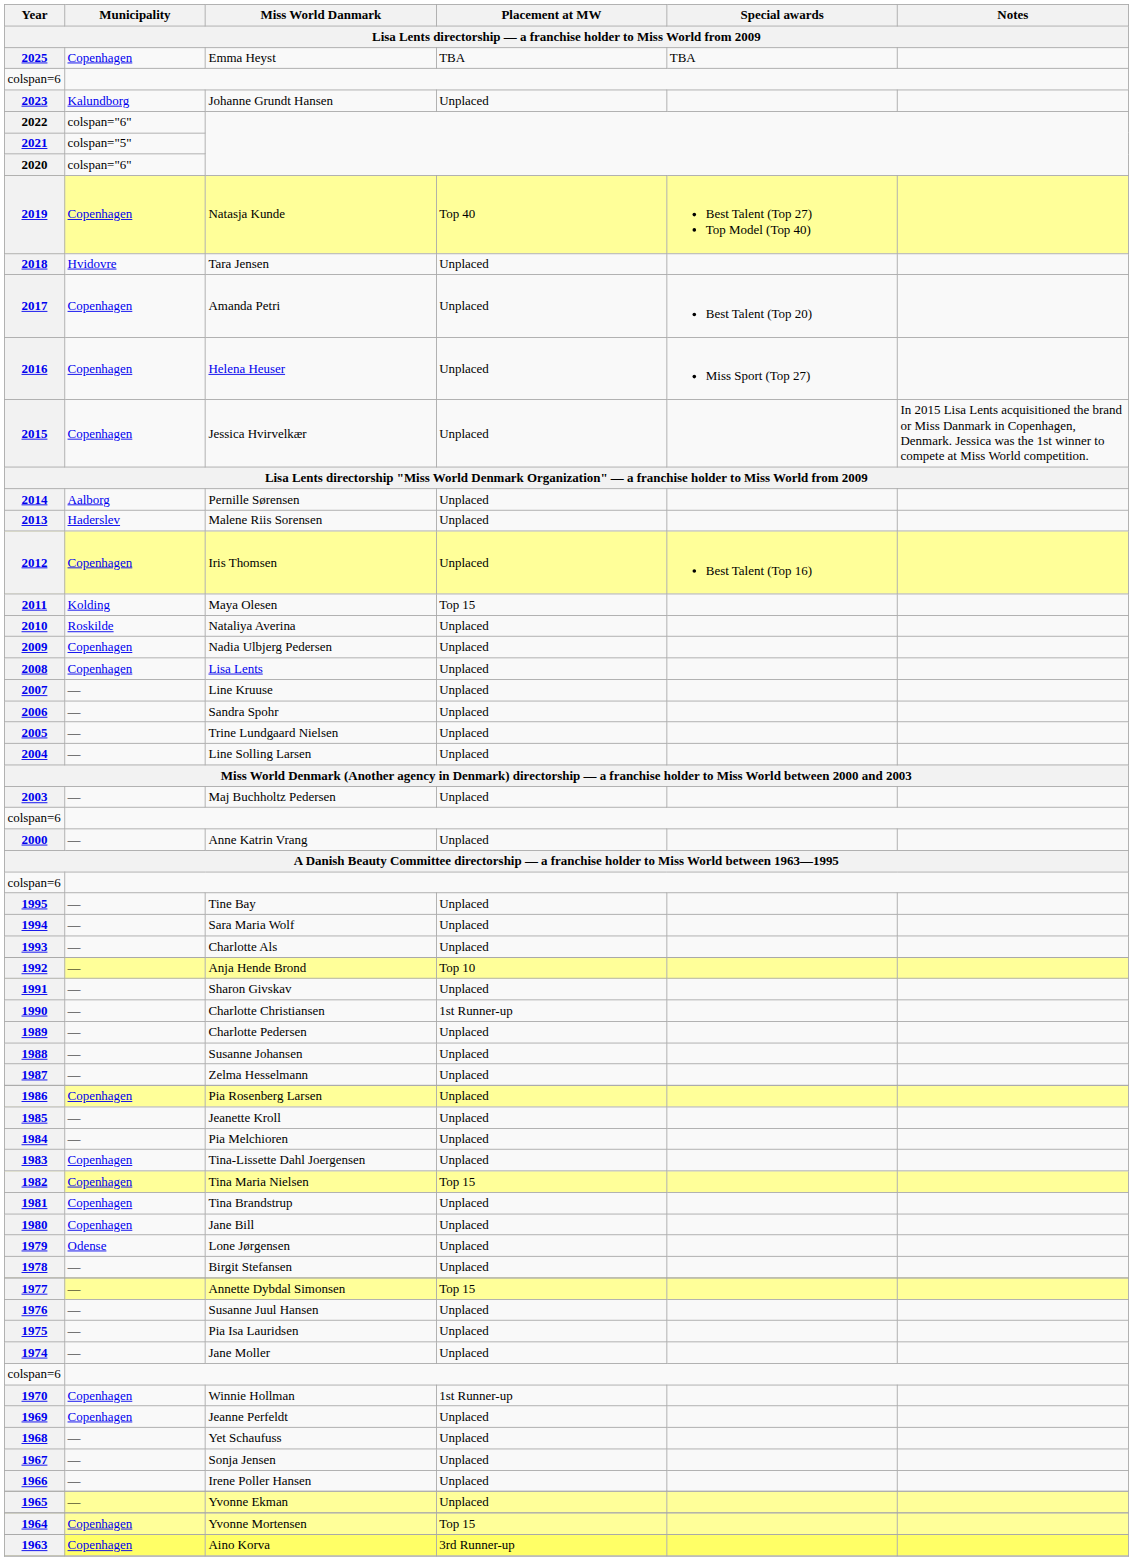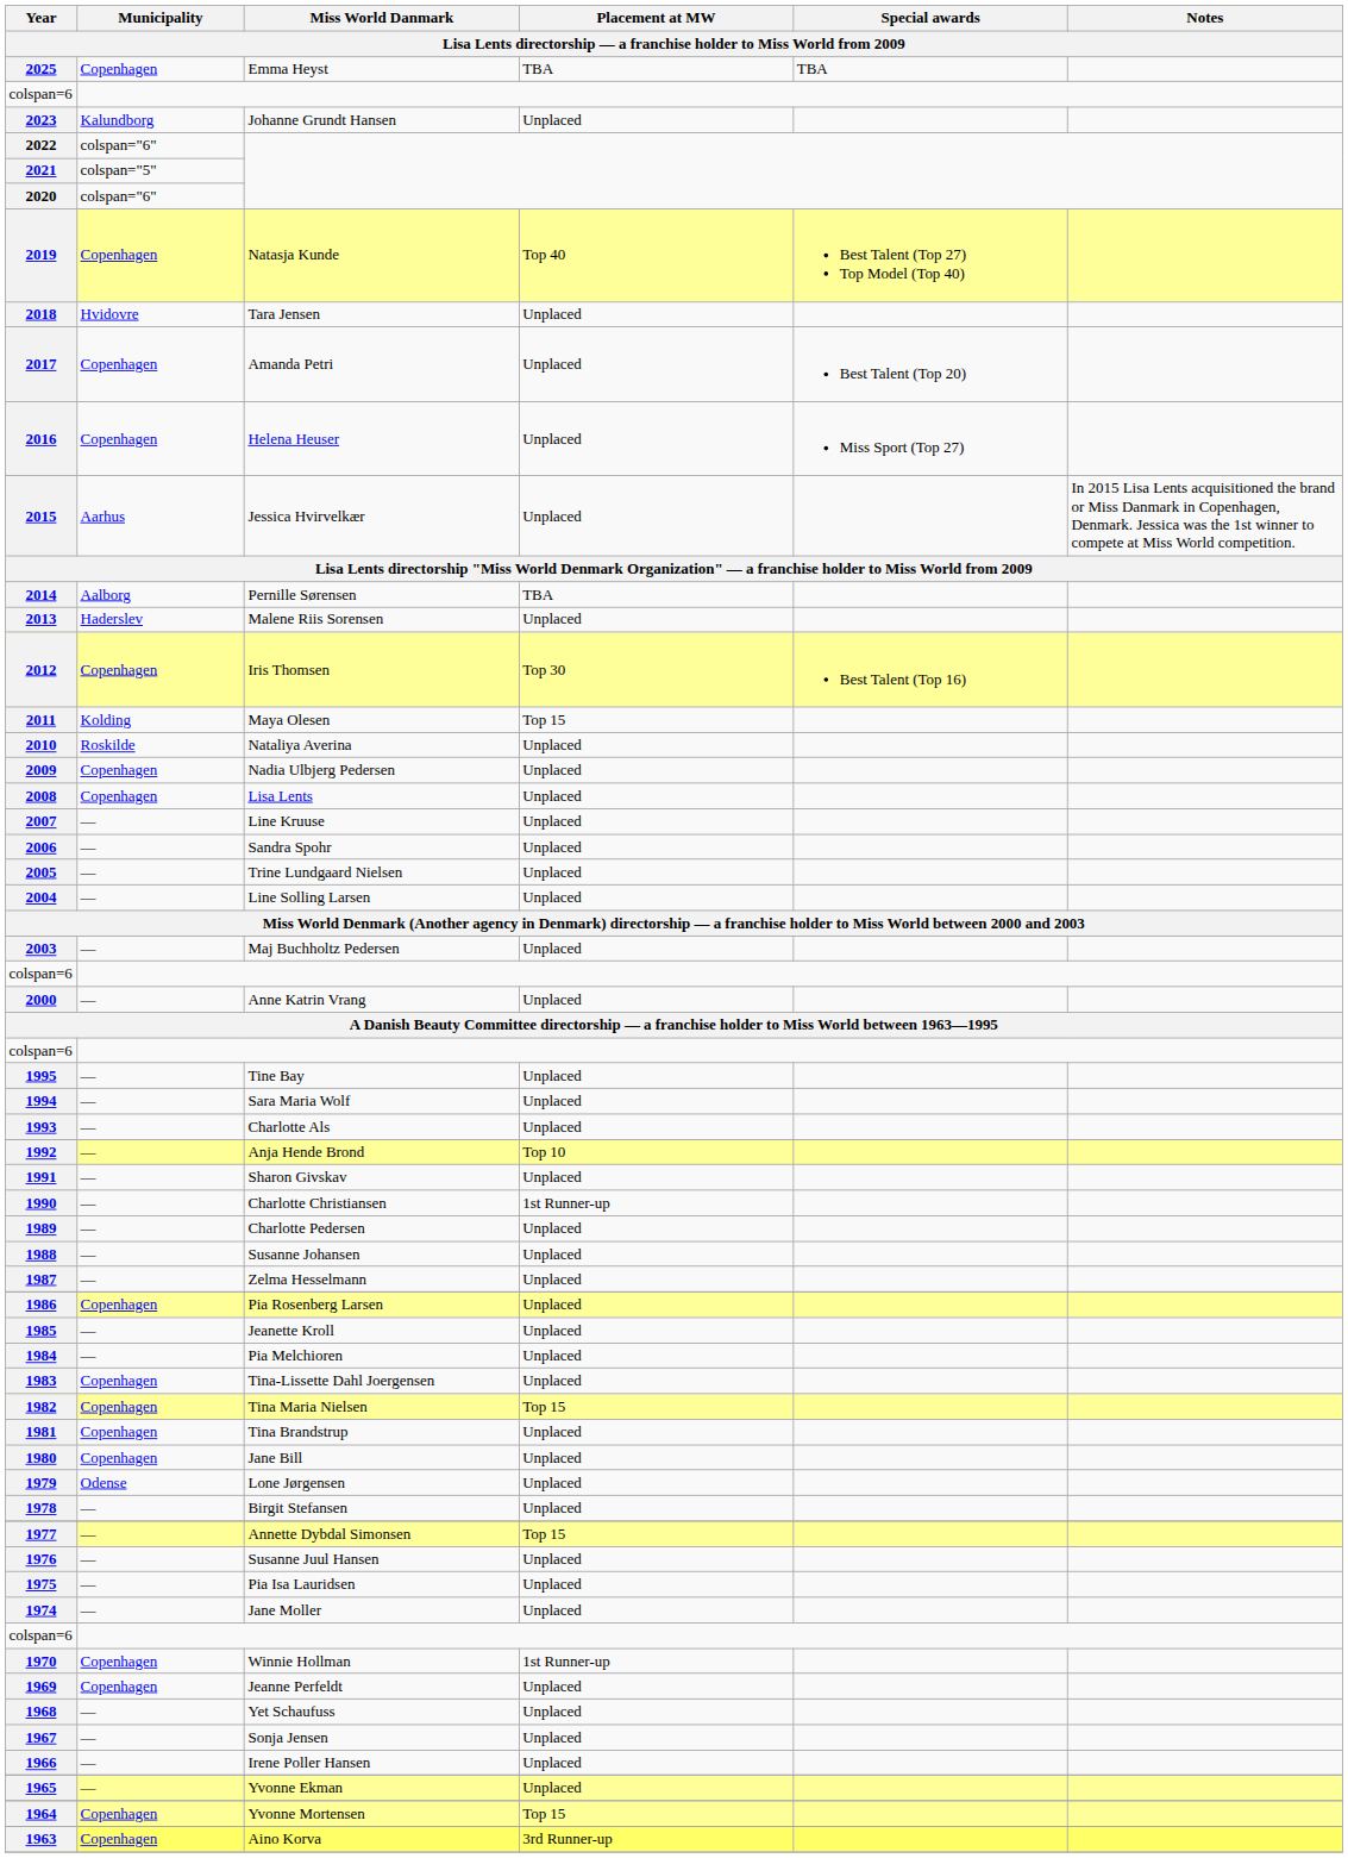 <table class="wikitable " style="font-size: 90%;">
 <tr>
 <th width="60">Year</th>
 <th width="150">Municipality</th>
 <th width="250">Miss World Danmark</th>
 <th width="250">Placement at MW</th>
 <th width="250">Special awards</th>
 <th width="250">Notes</th>
 </tr>
 <tr>
 <th colspan="6">Lisa Lents directorship — a franchise holder to Miss World from 2009</th>
 </tr>
 <tr>
 <th><a href='#'>2025</a></th>
 <td><a href='#'>Copenhagen</a></td>
 <td>Emma Heyst</td>
 <td>TBA</td>
 <td>TBA</td>
 <td></td>
 </tr>
 <tr>
 <td>colspan=6 </td>
 </tr>
 <tr>
 <th><a href='#'>2023</a></th>
 <td><a href='#'>Kalundborg</a></td>
 <td>Johanne Grundt Hansen</td>
 <td>Unplaced</td>
 <td></td>
 <td></td>
 </tr>
 <tr>
 <th>2022</th>
 <td>colspan="6" </td>
 </tr>
 <tr>
 <th><a href='#'>2021</a></th>
 <td>colspan="5" </td>
 </tr>
 <tr>
 <th>2020</th>
 <td>colspan="6" </td>
 </tr>
 <tr style="background-color:#FFFF99;">
 <th><a href='#'>2019</a></th>
 <td><a href='#'>Copenhagen</a></td>
 <td>Natasja Kunde</td>
 <td>Top 40</td>
 <td align="left"><br><ul><li>Best Talent (Top 27)</li><li>Top Model (Top 40)</li></ul></td>
 <td></td>
 </tr>
 <tr>
 <th><a href='#'>2018</a></th>
 <td><a href='#'>Hvidovre</a></td>
 <td>Tara Jensen</td>
 <td>Unplaced</td>
 <td></td>
 <td></td>
 </tr>
 <tr>
 <th><a href='#'>2017</a></th>
 <td><a href='#'>Copenhagen</a></td>
 <td>Amanda Petri</td>
 <td>Unplaced</td>
 <td align="left"><br><ul><li>Best Talent (Top 20)</li></ul></td>
 <td></td>
 </tr>
 <tr>
 <th><a href='#'>2016</a></th>
 <td><a href='#'>Copenhagen</a></td>
 <td><a href='#'>Helena Heuser</a></td>
 <td>Unplaced</td>
 <td align="left"><br><ul><li>Miss Sport (Top 27)</li></ul></td>
 <td></td>
 </tr>
 <tr>
 <th><a href='#'>2015</a></th>
-<td><a href='#'>Copenhagen</a></td>
+<td><a href='#'>Aarhus</a></td>
 <td>Jessica Hvirvelkær</td>
 <td>Unplaced</td>
 <td></td>
 <td>In 2015 Lisa Lents acquisitioned the brand or Miss Danmark in Copenhagen, Denmark. Jessica was the 1st winner to compete at Miss World competition.</td>
 </tr>
 <tr>
 <th colspan="6">Lisa Lents directorship "Miss World Denmark Organization" — a franchise holder to Miss World from 2009</th>
 </tr>
 <tr>
 <th><a href='#'>2014</a></th>
 <td><a href='#'>Aalborg</a></td>
 <td>Pernille Sørensen</td>
-<td>Unplaced</td>
+<td>TBA</td>
 <td></td>
 <td></td>
 </tr>
 <tr>
 <th><a href='#'>2013</a></th>
 <td><a href='#'>Haderslev</a></td>
 <td>Malene Riis Sorensen</td>
 <td>Unplaced</td>
 <td></td>
 <td></td>
 </tr>
 <tr style="background-color:#FFFF99;">
 <th><a href='#'>2012</a></th>
 <td><a href='#'>Copenhagen</a></td>
 <td>Iris Thomsen</td>
-<td>Unplaced</td>
+<td>Top 30</td>
 <td align="left"><br><ul><li>Best Talent (Top 16)</li></ul></td>
 <td></td>
 </tr>
 <tr>
 <th><a href='#'>2011</a></th>
 <td><a href='#'>Kolding</a></td>
 <td>Maya Olesen</td>
 <td>Top 15</td>
 <td></td>
 <td></td>
 </tr>
 <tr>
 <th><a href='#'>2010</a></th>
 <td><a href='#'>Roskilde</a></td>
 <td>Nataliya Averina</td>
 <td>Unplaced</td>
 <td></td>
 <td></td>
 </tr>
 <tr>
 <th><a href='#'>2009</a></th>
 <td><a href='#'>Copenhagen</a></td>
 <td>Nadia Ulbjerg Pedersen</td>
 <td>Unplaced</td>
 <td></td>
 <td></td>
 </tr>
 <tr>
 <th><a href='#'>2008</a></th>
 <td><a href='#'>Copenhagen</a></td>
 <td><a href='#'>Lisa Lents</a></td>
 <td>Unplaced</td>
 <td></td>
 <td></td>
 </tr>
 <tr>
 <th><a href='#'>2007</a></th>
 <td>—</td>
 <td>Line Kruuse</td>
 <td>Unplaced</td>
 <td></td>
 <td></td>
 </tr>
 <tr>
 <th><a href='#'>2006</a></th>
 <td>—</td>
 <td>Sandra Spohr</td>
 <td>Unplaced</td>
 <td></td>
 <td></td>
 </tr>
 <tr>
 <th><a href='#'>2005</a></th>
 <td>—</td>
 <td>Trine Lundgaard Nielsen</td>
 <td>Unplaced</td>
 <td></td>
 <td></td>
 </tr>
 <tr>
 <th><a href='#'>2004</a></th>
 <td>—</td>
 <td>Line Solling Larsen</td>
 <td>Unplaced</td>
 <td></td>
 <td></td>
 </tr>
 <tr>
 <th colspan="6">Miss World Denmark (Another agency in Denmark) directorship — a franchise holder to Miss World between 2000 and 2003</th>
 </tr>
 <tr>
 <th><a href='#'>2003</a></th>
 <td>—</td>
 <td>Maj Buchholtz Pedersen</td>
 <td>Unplaced</td>
 <td></td>
 <td></td>
 </tr>
 <tr>
 <td>colspan=6 </td>
 </tr>
 <tr>
 <th><a href='#'>2000</a></th>
 <td>—</td>
 <td>Anne Katrin Vrang</td>
 <td>Unplaced</td>
 <td></td>
 <td></td>
 </tr>
 <tr>
 <th colspan="6">A Danish Beauty Committee directorship — a franchise holder to Miss World between 1963―1995</th>
 </tr>
 <tr>
 <td>colspan=6 </td>
 </tr>
 <tr>
 <th><a href='#'>1995</a></th>
 <td>—</td>
 <td>Tine Bay</td>
 <td>Unplaced</td>
 <td></td>
 <td></td>
 </tr>
 <tr>
 <th><a href='#'>1994</a></th>
 <td>—</td>
 <td>Sara Maria Wolf</td>
 <td>Unplaced</td>
 <td></td>
 <td></td>
 </tr>
 <tr>
 <th><a href='#'>1993</a></th>
 <td>—</td>
 <td>Charlotte Als</td>
 <td>Unplaced</td>
 <td></td>
 <td></td>
 </tr>
 <tr>
 </tr>
 <tr style="background-color:#FFFF99;">
 <th><a href='#'>1992</a></th>
 <td>—</td>
 <td>Anja Hende Brond</td>
 <td>Top 10</td>
 <td></td>
 <td></td>
 </tr>
 <tr>
 <th><a href='#'>1991</a></th>
 <td>—</td>
 <td>Sharon Givskav</td>
 <td>Unplaced</td>
 <td></td>
 <td></td>
 </tr>
 <tr>
 <th><a href='#'>1990</a></th>
 <td>—</td>
 <td>Charlotte Christiansen</td>
 <td>1st Runner-up</td>
 <td></td>
 <td></td>
 </tr>
 <tr>
 <th><a href='#'>1989</a></th>
 <td>—</td>
 <td>Charlotte Pedersen</td>
 <td>Unplaced</td>
 <td></td>
 <td></td>
 </tr>
 <tr>
 <th><a href='#'>1988</a></th>
 <td>—</td>
 <td>Susanne Johansen</td>
 <td>Unplaced</td>
 <td></td>
 <td></td>
 </tr>
 <tr>
 <th><a href='#'>1987</a></th>
 <td>—</td>
 <td>Zelma Hesselmann</td>
 <td>Unplaced</td>
 <td></td>
 <td></td>
 </tr>
 <tr>
 </tr>
 <tr style="background-color:#FFFF99;">
 <th><a href='#'>1986</a></th>
 <td><a href='#'>Copenhagen</a></td>
 <td>Pia Rosenberg Larsen</td>
 <td>Unplaced</td>
 <td></td>
 <td></td>
 </tr>
 <tr>
 <th><a href='#'>1985</a></th>
 <td>—</td>
 <td>Jeanette Kroll</td>
 <td>Unplaced</td>
 <td></td>
 <td></td>
 </tr>
 <tr>
 <th><a href='#'>1984</a></th>
 <td>—</td>
 <td>Pia Melchioren</td>
 <td>Unplaced</td>
 <td></td>
 <td></td>
 </tr>
 <tr>
 <th><a href='#'>1983</a></th>
 <td><a href='#'>Copenhagen</a></td>
 <td>Tina-Lissette Dahl Joergensen</td>
 <td>Unplaced</td>
 <td></td>
 <td></td>
 </tr>
 <tr style="background-color:#FFFF99;">
 <th><a href='#'>1982</a></th>
 <td><a href='#'>Copenhagen</a></td>
 <td>Tina Maria Nielsen</td>
 <td>Top 15</td>
 <td></td>
 <td></td>
 </tr>
 <tr>
 <th><a href='#'>1981</a></th>
 <td><a href='#'>Copenhagen</a></td>
 <td>Tina Brandstrup</td>
 <td>Unplaced</td>
 <td></td>
 <td></td>
 </tr>
 <tr>
 <th><a href='#'>1980</a></th>
 <td><a href='#'>Copenhagen</a></td>
 <td>Jane Bill</td>
 <td>Unplaced</td>
 <td></td>
 <td></td>
 </tr>
 <tr>
 <th><a href='#'>1979</a></th>
 <td><a href='#'>Odense</a></td>
 <td>Lone Jørgensen</td>
 <td>Unplaced</td>
 <td></td>
 <td></td>
 </tr>
 <tr>
 <th><a href='#'>1978</a></th>
 <td>—</td>
 <td>Birgit Stefansen</td>
 <td>Unplaced</td>
 <td></td>
 <td></td>
 </tr>
 <tr>
 </tr>
 <tr style="background-color:#FFFF99;">
 <th><a href='#'>1977</a></th>
 <td>—</td>
 <td>Annette Dybdal Simonsen</td>
 <td>Top 15</td>
 <td></td>
 <td></td>
 </tr>
 <tr>
 <th><a href='#'>1976</a></th>
 <td>—</td>
 <td>Susanne Juul Hansen</td>
 <td>Unplaced</td>
 <td></td>
 <td></td>
 </tr>
 <tr>
 <th><a href='#'>1975</a></th>
 <td>—</td>
 <td>Pia Isa Lauridsen</td>
 <td>Unplaced</td>
 <td></td>
 <td></td>
 </tr>
 <tr>
 <th><a href='#'>1974</a></th>
 <td>—</td>
 <td>Jane Moller</td>
 <td>Unplaced</td>
 <td></td>
 <td></td>
 </tr>
 <tr>
 <td>colspan=6 </td>
 </tr>
 <tr>
 <th><a href='#'>1970</a></th>
 <td><a href='#'>Copenhagen</a></td>
 <td>Winnie Hollman</td>
 <td>1st Runner-up</td>
 <td></td>
 <td></td>
 </tr>
 <tr>
 <th><a href='#'>1969</a></th>
 <td><a href='#'>Copenhagen</a></td>
 <td>Jeanne Perfeldt</td>
 <td>Unplaced</td>
 <td></td>
 <td></td>
 </tr>
 <tr>
 <th><a href='#'>1968</a></th>
 <td>—</td>
 <td>Yet Schaufuss</td>
 <td>Unplaced</td>
 <td></td>
 <td></td>
 </tr>
 <tr>
 <th><a href='#'>1967</a></th>
 <td>—</td>
 <td>Sonja Jensen</td>
 <td>Unplaced</td>
 <td></td>
 <td></td>
 </tr>
 <tr>
 <th><a href='#'>1966</a></th>
 <td>—</td>
 <td>Irene Poller Hansen</td>
 <td>Unplaced</td>
 <td></td>
 <td></td>
 </tr>
 <tr>
 </tr>
 <tr style="background-color:#FFFF99;">
 <th><a href='#'>1965</a></th>
 <td>—</td>
 <td>Yvonne Ekman</td>
 <td>Unplaced</td>
 <td></td>
 <td></td>
 </tr>
 <tr>
 </tr>
 <tr style="background-color:#FFFF99;">
 <th><a href='#'>1964</a></th>
 <td><a href='#'>Copenhagen</a></td>
 <td>Yvonne Mortensen</td>
 <td>Top 15</td>
 <td></td>
 <td></td>
 </tr>
 <tr>
 </tr>
 <tr style="background-color:#FFFF66;">
 <th><a href='#'>1963</a></th>
 <td><a href='#'>Copenhagen</a></td>
 <td>Aino Korva</td>
 <td>3rd Runner-up</td>
 <td></td>
 <td></td>
 </tr>
 <tr>
 </tr>
 </table>
